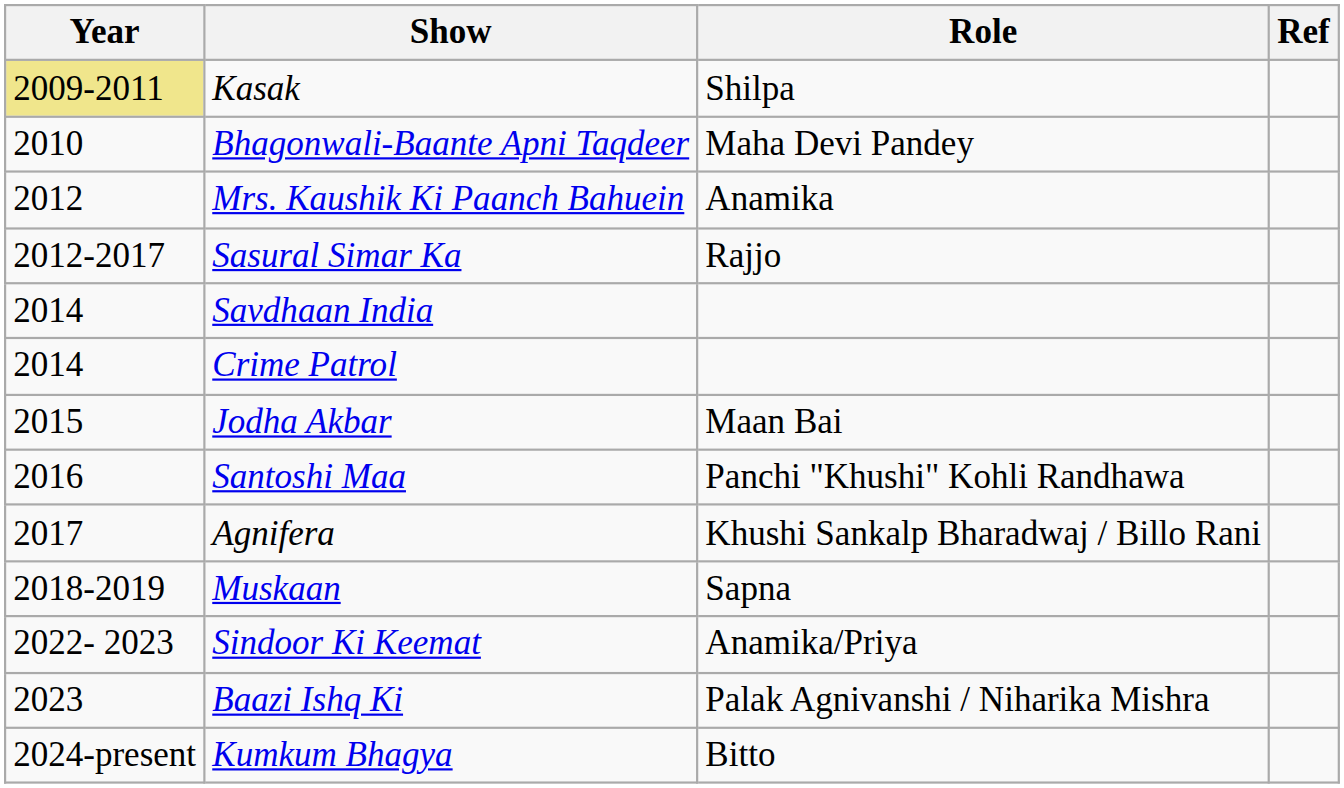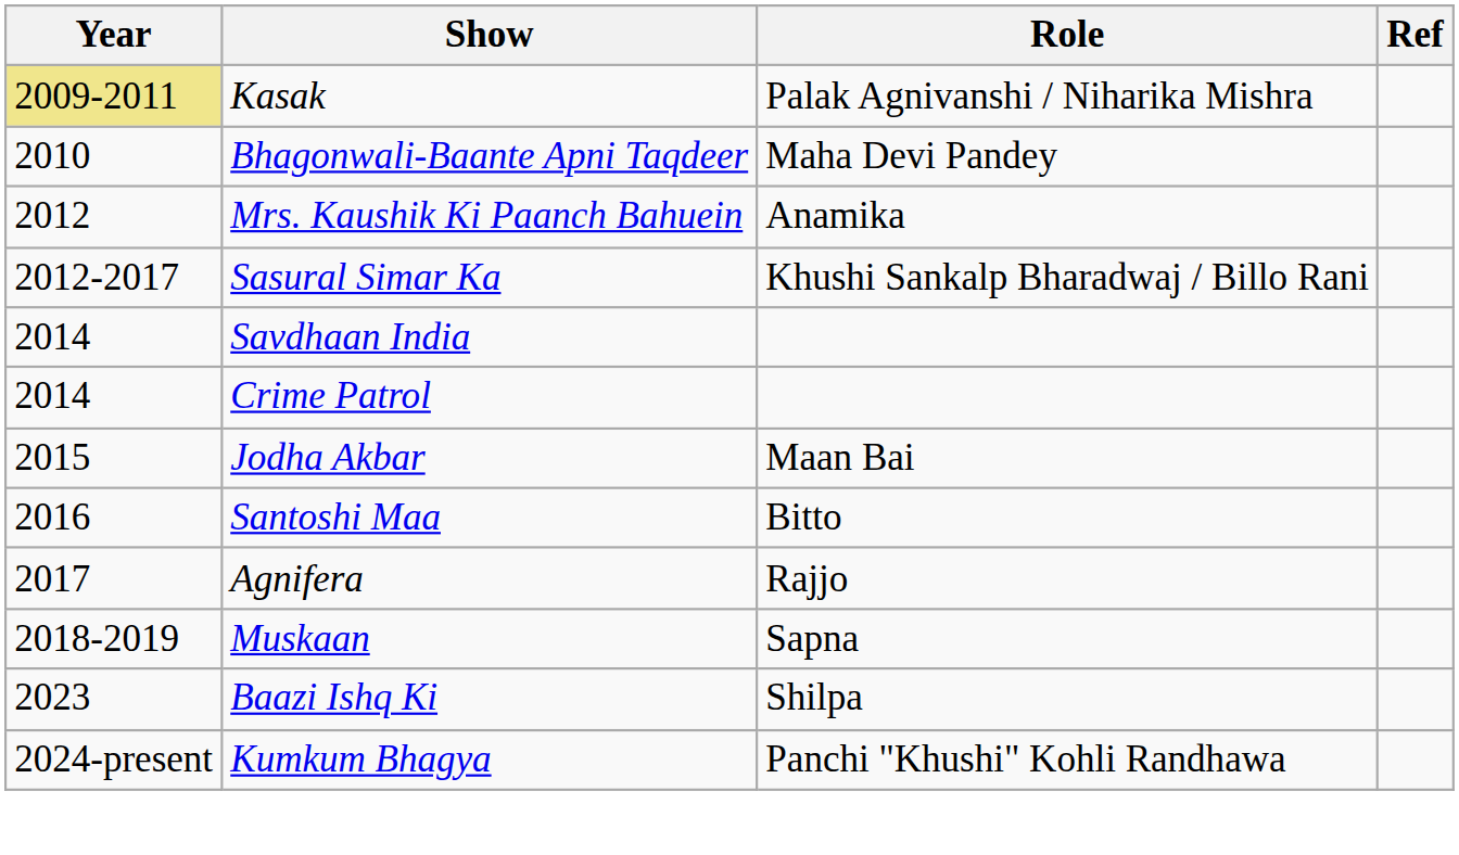 <table class="wikitable">
 <tr>
 <th>Year</th>
 <th>Show</th>
 <th>Role</th>
 <th>Ref</th>
 </tr>
 <tr>
 <td style="background: khaki;">2009-2011</td>
 <td><em>Kasak</em></td>
-<td>Shilpa</td>
+<td>Palak Agnivanshi / Niharika Mishra</td>
 <td></td>
 </tr>
 <tr>
 <td>2010</td>
 <td><em><a href='#'>Bhagonwali-Baante Apni Taqdeer</a></em></td>
 <td>Maha Devi Pandey</td>
 <td></td>
 </tr>
 <tr>
 <td>2012</td>
 <td><em><a href='#'>Mrs. Kaushik Ki Paanch Bahuein</a></em></td>
 <td>Anamika</td>
 <td></td>
 </tr>
 <tr>
 <td>2012-2017</td>
 <td><em><a href='#'>Sasural Simar Ka</a></em></td>
-<td>Rajjo</td>
+<td>Khushi Sankalp Bharadwaj / Billo Rani</td>
 <td></td>
 </tr>
 <tr>
 <td>2014</td>
 <td><em><a href='#'>Savdhaan India</a></em></td>
 <td></td>
 <td></td>
 </tr>
 <tr>
 <td>2014</td>
 <td><em><a href='#'>Crime Patrol</a></em></td>
 <td></td>
 <td></td>
 </tr>
 <tr>
 <td>2015</td>
 <td><em><a href='#'>Jodha Akbar</a></em></td>
 <td>Maan Bai</td>
 <td></td>
 </tr>
 <tr>
 <td>2016</td>
 <td><em><a href='#'>Santoshi Maa</a></em></td>
-<td>Panchi "Khushi" Kohli Randhawa</td>
+<td>Bitto</td>
 <td></td>
 </tr>
 <tr>
 <td>2017</td>
 <td><em>Agnifera</em></td>
-<td>Khushi Sankalp Bharadwaj / Billo Rani</td>
+<td>Rajjo</td>
 <td></td>
 </tr>
 <tr>
 <td>2018-2019</td>
 <td><em><a href='#'>Muskaan</a></em></td>
 <td>Sapna</td>
 <td></td>
 </tr>
 <tr>
-<td>2022- 2023</td>
-<td><em><a href='#'>Sindoor Ki Keemat</a></em></td>
-<td>Anamika/Priya</td>
-<td></td>
-</tr>
-<tr>
 <td>2023</td>
 <td><em><a href='#'>Baazi Ishq Ki</a></em></td>
-<td>Palak Agnivanshi / Niharika Mishra</td>
+<td>Shilpa</td>
 <td></td>
 </tr>
 <tr>
 <td>2024-present</td>
 <td><em><a href='#'>Kumkum Bhagya</a></em></td>
-<td>Bitto</td>
+<td>Panchi "Khushi" Kohli Randhawa</td>
 <td></td>
 </tr>
 </table>
